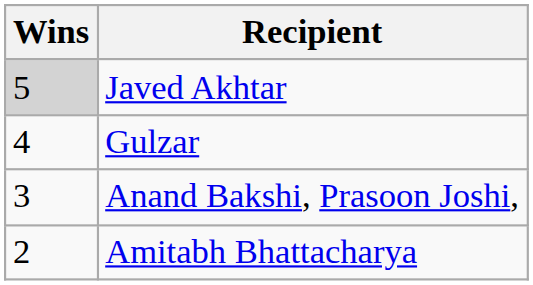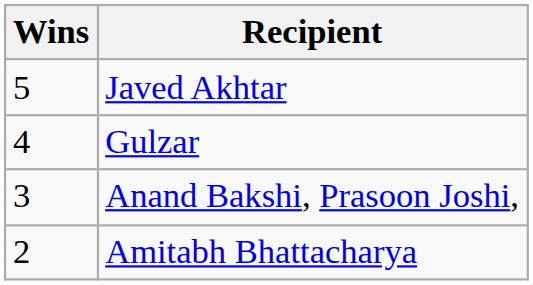 <table class="wikitable">
 <tr>
 <th>Wins</th>
 <th>Recipient</th>
 </tr>
 <tr>
-<td style="background: lightgrey;">5</td>
+<td>5</td>
 <td><a href='#'>Javed Akhtar</a></td>
 </tr>
 <tr>
 <td>4</td>
 <td><a href='#'>Gulzar</a></td>
 </tr>
 <tr>
 <td>3</td>
 <td><a href='#'>Anand Bakshi</a>, <a href='#'>Prasoon Joshi</a>,</td>
 </tr>
 <tr>
 <td>2</td>
 <td><a href='#'>Amitabh Bhattacharya</a></td>
 </tr>
 </table>
